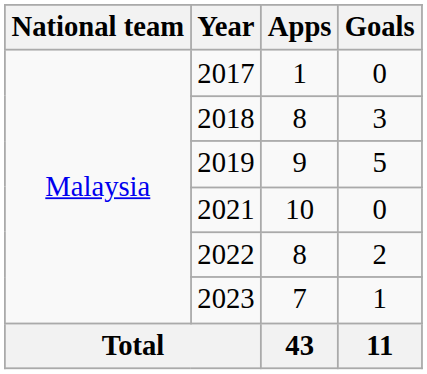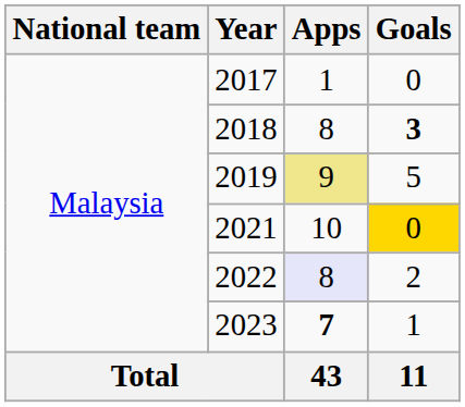 <table class="wikitable" style="text-align:center">
 <tr>
 <th>National team</th>
 <th>Year</th>
 <th>Apps</th>
 <th>Goals</th>
 </tr>
 <tr>
 <td rowspan=6><a href='#'>Malaysia</a></td>
 <td>2017</td>
 <td>1</td>
 <td>0</td>
 </tr>
 <tr>
 <td>2018</td>
 <td>8</td>
-<td>3</td>
+<td><strong>3</strong></td>
 </tr>
 <tr>
 <td>2019</td>
-<td>9</td>
+<td style="background: khaki;">9</td>
 <td>5</td>
 </tr>
 <tr>
 <td>2021</td>
 <td>10</td>
-<td>0</td>
+<td style="background: gold;">0</td>
 </tr>
 <tr>
 <td>2022</td>
-<td>8</td>
+<td style="background: lavender;">8</td>
 <td>2</td>
 </tr>
 <tr>
 <td>2023</td>
-<td>7</td>
+<td><strong>7</strong></td>
 <td>1</td>
 </tr>
 <tr>
 <th colspan=2>Total</th>
 <th>43</th>
 <th>11</th>
 </tr>
 </table>
